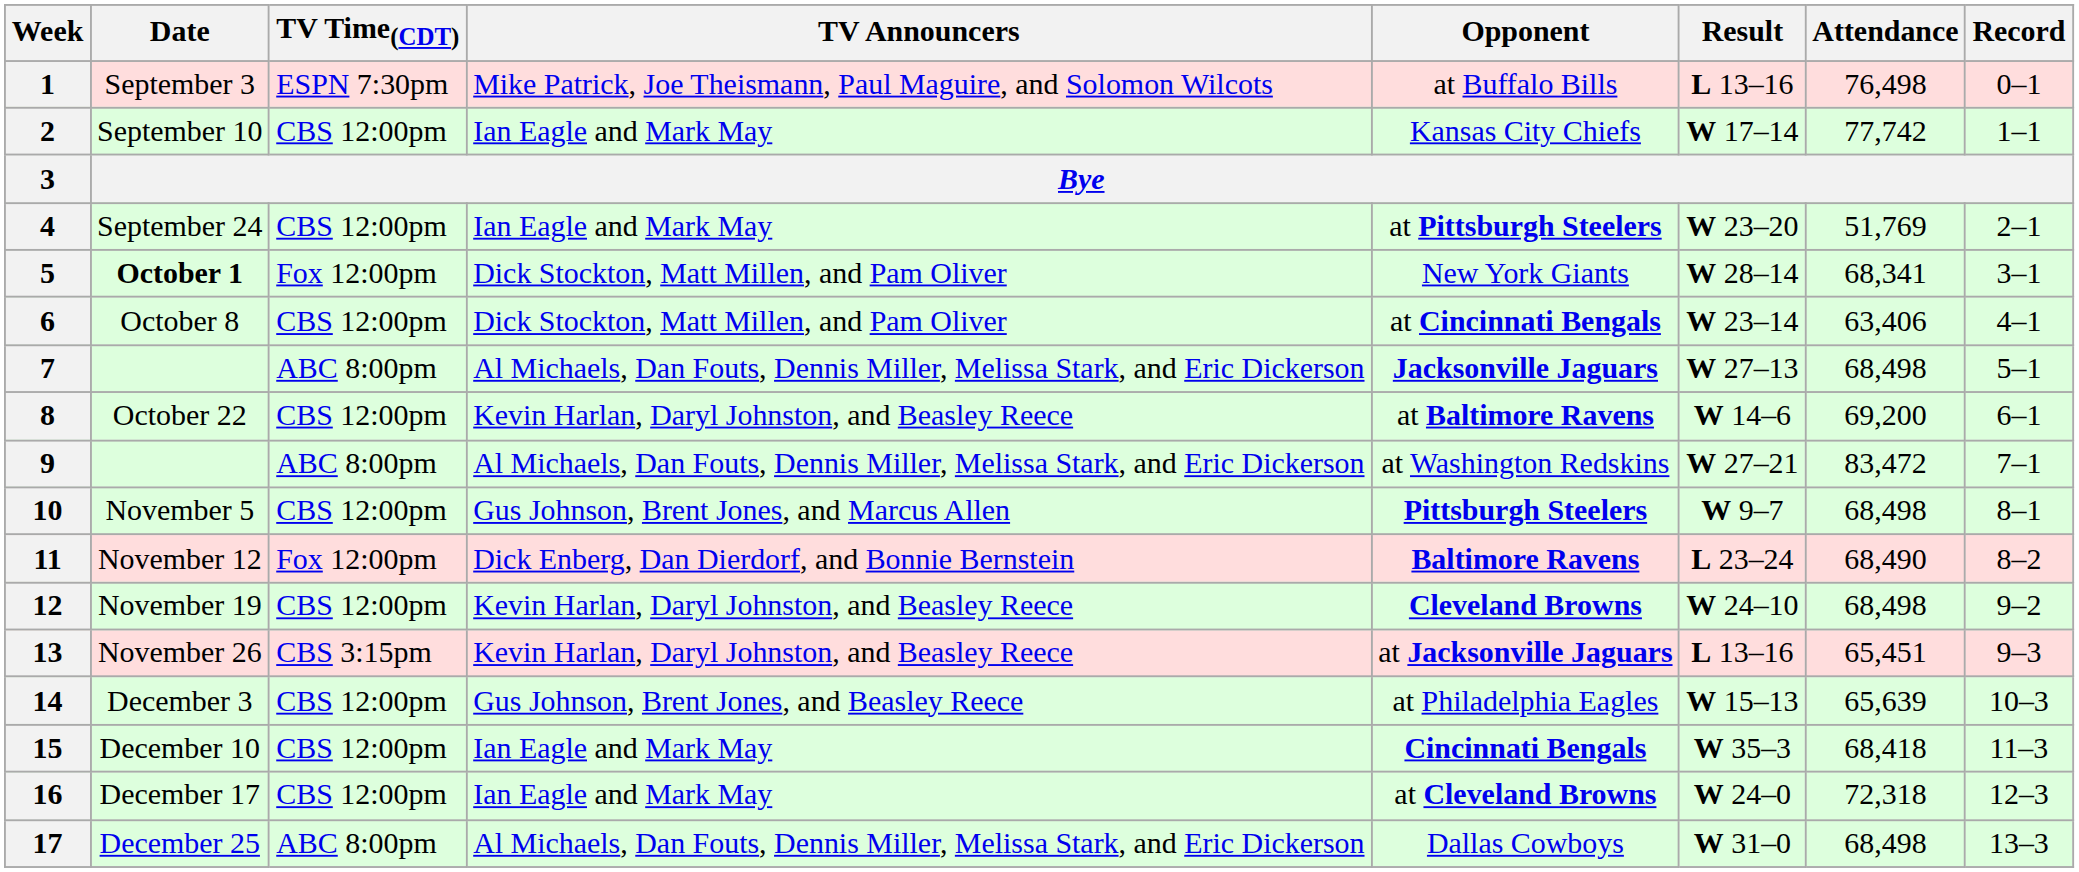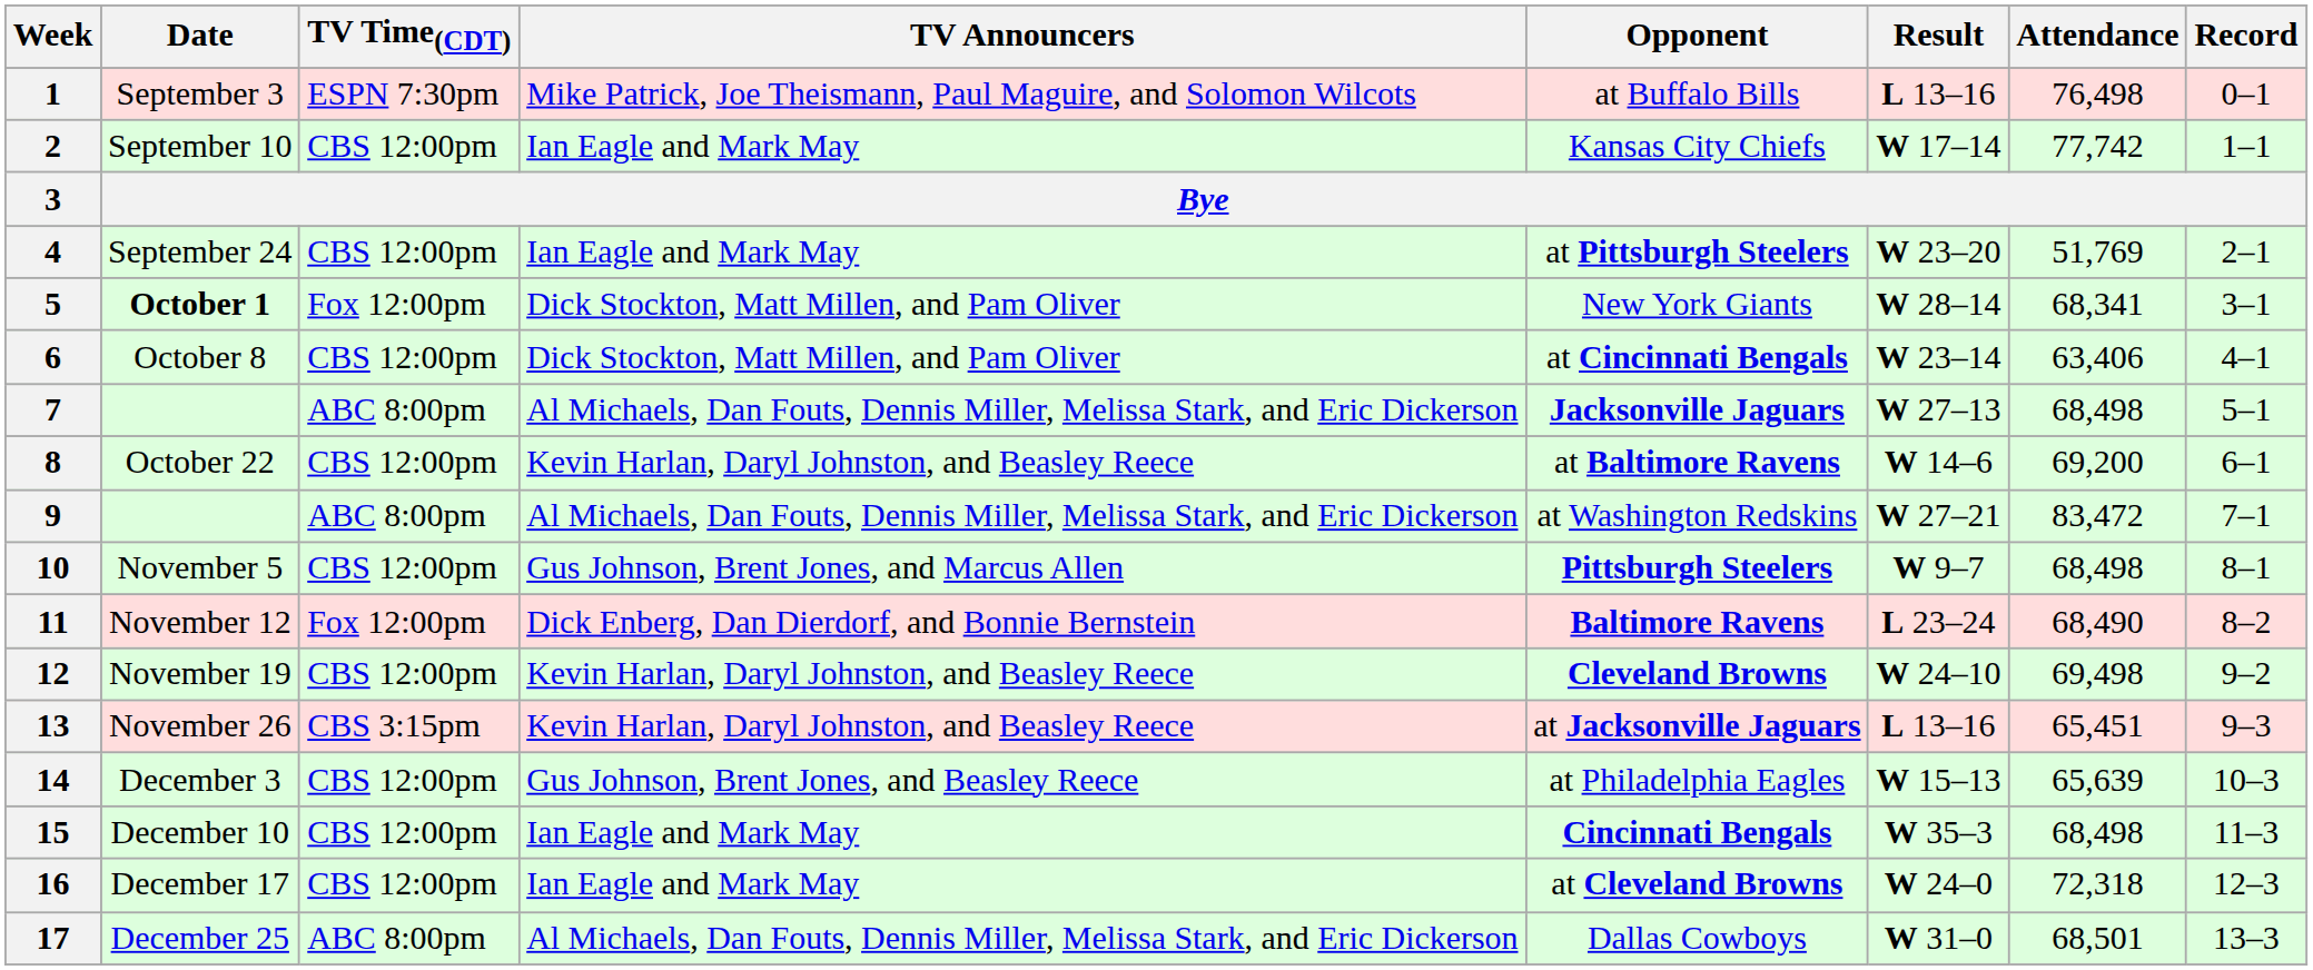 <table class="wikitable">
 <tr>
 <th>Week</th>
 <th>Date</th>
 <th>TV Time<sub>(<a href='#'>CDT</a>)</sub></th>
 <th>TV Announcers</th>
 <th>Opponent</th>
 <th>Result</th>
 <th>Attendance</th>
 <th>Record</th>
 </tr>
 <tr style="background: #ffdddd;">
 <th>1</th>
 <td style="text-align:center">September 3</td>
 <td><a href='#'>ESPN</a> 7:30pm</td>
 <td><a href='#'>Mike Patrick</a>, <a href='#'>Joe Theismann</a>, <a href='#'>Paul Maguire</a>, and <a href='#'>Solomon Wilcots</a></td>
 <td style="text-align:center">at <a href='#'>Buffalo Bills</a></td>
 <td style="text-align:center"><strong>L</strong> 13–16</td>
 <td style="text-align:center">76,498</td>
 <td style="text-align:center">0–1</td>
 </tr>
 <tr style="background: #ddffdd;">
 <th>2</th>
 <td style="text-align:center">September 10</td>
 <td><a href='#'>CBS</a> 12:00pm</td>
 <td><a href='#'>Ian Eagle</a> and <a href='#'>Mark May</a></td>
 <td style="text-align:center"><a href='#'>Kansas City Chiefs</a></td>
 <td style="text-align:center"><strong>W</strong> 17–14</td>
 <td style="text-align:center">77,742</td>
 <td style="text-align:center">1–1</td>
 </tr>
 <tr>
 <th>3</th>
 <th colspan=7><em><a href='#'>Bye</a></em></th>
 </tr>
 <tr style="background: #ddffdd;">
 <th>4</th>
 <td style="text-align:center">September 24</td>
 <td><a href='#'>CBS</a> 12:00pm</td>
 <td><a href='#'>Ian Eagle</a> and <a href='#'>Mark May</a></td>
 <td style="text-align:center">at <strong><a href='#'>Pittsburgh Steelers</a></strong></td>
 <td style="text-align:center"><strong>W</strong> 23–20</td>
 <td style="text-align:center">51,769</td>
 <td style="text-align:center">2–1</td>
 </tr>
 <tr style="background: #ddffdd;">
 <th>5</th>
 <td style="text-align:center"><strong>October 1</strong></td>
 <td><a href='#'>Fox</a> 12:00pm</td>
 <td><a href='#'>Dick Stockton</a>, <a href='#'>Matt Millen</a>, and <a href='#'>Pam Oliver</a></td>
 <td style="text-align:center"><a href='#'>New York Giants</a></td>
 <td style="text-align:center"><strong>W</strong> 28–14</td>
 <td style="text-align:center">68,341</td>
 <td style="text-align:center">3–1</td>
 </tr>
 <tr style="background: #ddffdd;">
 <th>6</th>
 <td style="text-align:center">October 8</td>
 <td><a href='#'>CBS</a> 12:00pm</td>
 <td><a href='#'>Dick Stockton</a>, <a href='#'>Matt Millen</a>, and <a href='#'>Pam Oliver</a></td>
 <td style="text-align:center">at <strong><a href='#'>Cincinnati Bengals</a></strong></td>
 <td style="text-align:center"><strong>W</strong> 23–14</td>
 <td style="text-align:center">63,406</td>
 <td style="text-align:center">4–1</td>
 </tr>
 <tr style="background: #ddffdd;">
 <th>7</th>
 <td style="text-align:center"></td>
 <td><a href='#'>ABC</a> 8:00pm</td>
 <td><a href='#'>Al Michaels</a>, <a href='#'>Dan Fouts</a>, <a href='#'>Dennis Miller</a>, <a href='#'>Melissa Stark</a>, and <a href='#'>Eric Dickerson</a></td>
 <td style="text-align:center"><strong><a href='#'>Jacksonville Jaguars</a></strong></td>
 <td style="text-align:center"><strong>W</strong> 27–13</td>
 <td style="text-align:center">68,498</td>
 <td style="text-align:center">5–1</td>
 </tr>
 <tr style="background: #ddffdd;">
 <th>8</th>
 <td style="text-align:center">October 22</td>
 <td><a href='#'>CBS</a> 12:00pm</td>
 <td><a href='#'>Kevin Harlan</a>, <a href='#'>Daryl Johnston</a>, and <a href='#'>Beasley Reece</a></td>
 <td style="text-align:center">at <strong><a href='#'>Baltimore Ravens</a></strong></td>
 <td style="text-align:center"><strong>W</strong> 14–6</td>
 <td style="text-align:center">69,200</td>
 <td style="text-align:center">6–1</td>
 </tr>
 <tr style="background: #ddffdd;">
 <th>9</th>
 <td style="text-align:center"></td>
 <td><a href='#'>ABC</a> 8:00pm</td>
 <td><a href='#'>Al Michaels</a>, <a href='#'>Dan Fouts</a>, <a href='#'>Dennis Miller</a>, <a href='#'>Melissa Stark</a>, and <a href='#'>Eric Dickerson</a></td>
 <td style="text-align:center">at <a href='#'>Washington Redskins</a></td>
 <td style="text-align:center"><strong>W</strong> 27–21</td>
 <td style="text-align:center">83,472</td>
 <td style="text-align:center">7–1</td>
 </tr>
 <tr style="background: #ddffdd;">
 <th>10</th>
 <td style="text-align:center">November 5</td>
 <td><a href='#'>CBS</a> 12:00pm</td>
 <td><a href='#'>Gus Johnson</a>, <a href='#'>Brent Jones</a>, and <a href='#'>Marcus Allen</a></td>
 <td style="text-align:center"><strong><a href='#'>Pittsburgh Steelers</a></strong></td>
 <td style="text-align:center"><strong>W</strong> 9–7</td>
 <td style="text-align:center">68,498</td>
 <td style="text-align:center">8–1</td>
 </tr>
 <tr style="background: #ffdddd;">
 <th>11</th>
 <td style="text-align:center">November 12</td>
 <td><a href='#'>Fox</a> 12:00pm</td>
 <td><a href='#'>Dick Enberg</a>, <a href='#'>Dan Dierdorf</a>, and <a href='#'>Bonnie Bernstein</a></td>
 <td style="text-align:center"><strong><a href='#'>Baltimore Ravens</a></strong></td>
 <td style="text-align:center"><strong>L</strong> 23–24</td>
 <td style="text-align:center">68,490</td>
 <td style="text-align:center">8–2</td>
 </tr>
 <tr style="background: #ddffdd;">
 <th>12</th>
 <td style="text-align:center">November 19</td>
 <td><a href='#'>CBS</a> 12:00pm</td>
 <td><a href='#'>Kevin Harlan</a>, <a href='#'>Daryl Johnston</a>, and <a href='#'>Beasley Reece</a></td>
 <td style="text-align:center"><strong><a href='#'>Cleveland Browns</a></strong></td>
 <td style="text-align:center"><strong>W</strong> 24–10</td>
-<td style="text-align:center">68,498</td>
+<td style="text-align:center">69,498</td>
 <td style="text-align:center">9–2</td>
 </tr>
 <tr style="background: #ffdddd;">
 <th>13</th>
 <td style="text-align:center">November 26</td>
 <td><a href='#'>CBS</a> 3:15pm</td>
 <td><a href='#'>Kevin Harlan</a>, <a href='#'>Daryl Johnston</a>, and <a href='#'>Beasley Reece</a></td>
 <td style="text-align:center">at <strong><a href='#'>Jacksonville Jaguars</a></strong></td>
 <td style="text-align:center"><strong>L</strong> 13–16</td>
 <td style="text-align:center">65,451</td>
 <td style="text-align:center">9–3</td>
 </tr>
 <tr style="background: #ddffdd;">
 <th>14</th>
 <td style="text-align:center">December 3</td>
 <td><a href='#'>CBS</a> 12:00pm</td>
 <td><a href='#'>Gus Johnson</a>, <a href='#'>Brent Jones</a>, and <a href='#'>Beasley Reece</a></td>
 <td style="text-align:center">at <a href='#'>Philadelphia Eagles</a></td>
 <td style="text-align:center"><strong>W</strong> 15–13</td>
 <td style="text-align:center">65,639</td>
 <td style="text-align:center">10–3</td>
 </tr>
 <tr style="background: #ddffdd;">
 <th>15</th>
 <td style="text-align:center">December 10</td>
 <td><a href='#'>CBS</a> 12:00pm</td>
 <td><a href='#'>Ian Eagle</a> and <a href='#'>Mark May</a></td>
 <td style="text-align:center"><strong><a href='#'>Cincinnati Bengals</a></strong></td>
 <td style="text-align:center"><strong>W</strong> 35–3</td>
-<td style="text-align:center">68,418</td>
+<td style="text-align:center">68,498</td>
 <td style="text-align:center">11–3</td>
 </tr>
 <tr style="background: #ddffdd;">
 <th>16</th>
 <td style="text-align:center">December 17</td>
 <td><a href='#'>CBS</a> 12:00pm</td>
 <td><a href='#'>Ian Eagle</a> and <a href='#'>Mark May</a></td>
 <td style="text-align:center">at <strong><a href='#'>Cleveland Browns</a></strong></td>
 <td style="text-align:center"><strong>W</strong> 24–0</td>
 <td style="text-align:center">72,318</td>
 <td style="text-align:center">12–3</td>
 </tr>
 <tr style="background: #ddffdd;">
 <th>17</th>
 <td style="text-align:center"><a href='#'>December 25</a></td>
 <td><a href='#'>ABC</a> 8:00pm</td>
 <td><a href='#'>Al Michaels</a>, <a href='#'>Dan Fouts</a>, <a href='#'>Dennis Miller</a>, <a href='#'>Melissa Stark</a>, and <a href='#'>Eric Dickerson</a></td>
 <td style="text-align:center"><a href='#'>Dallas Cowboys</a></td>
 <td style="text-align:center"><strong>W</strong> 31–0</td>
-<td style="text-align:center">68,498</td>
+<td style="text-align:center">68,501</td>
 <td style="text-align:center">13–3</td>
 </tr>
 </table>
